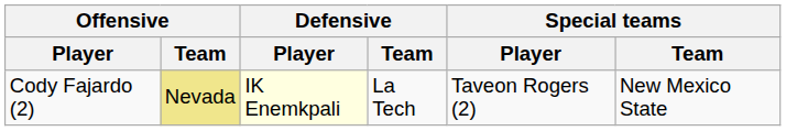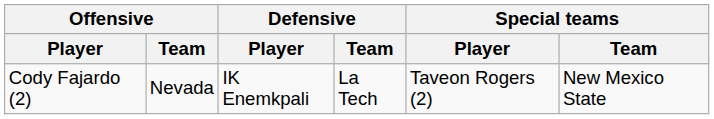 <table class="wikitable">
 <tr>
 <th colspan="2">Offensive</th>
 <th colspan="2">Defensive</th>
 <th colspan="2">Special teams</th>
 </tr>
 <tr>
 <th>Player</th>
 <th>Team</th>
 <th>Player</th>
 <th>Team</th>
 <th>Player</th>
 <th>Team</th>
 </tr>
 <tr>
 <td>Cody Fajardo (2)</td>
-<td style="background: khaki;">Nevada</td>
-<td style="background: lightyellow;">IK Enemkpali</td>
+<td>Nevada</td>
+<td>IK Enemkpali</td>
 <td>La Tech</td>
 <td>Taveon Rogers (2)</td>
 <td>New Mexico State</td>
 </tr>
 </table>
